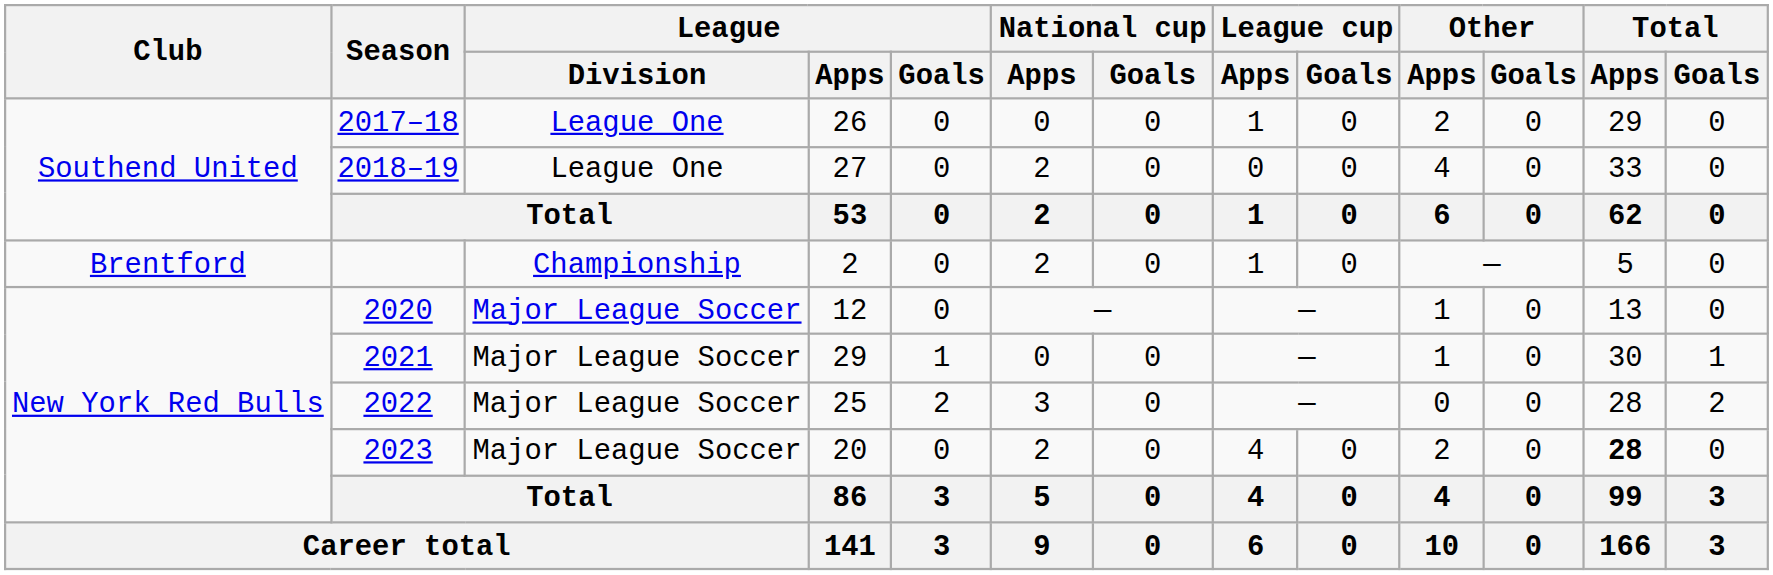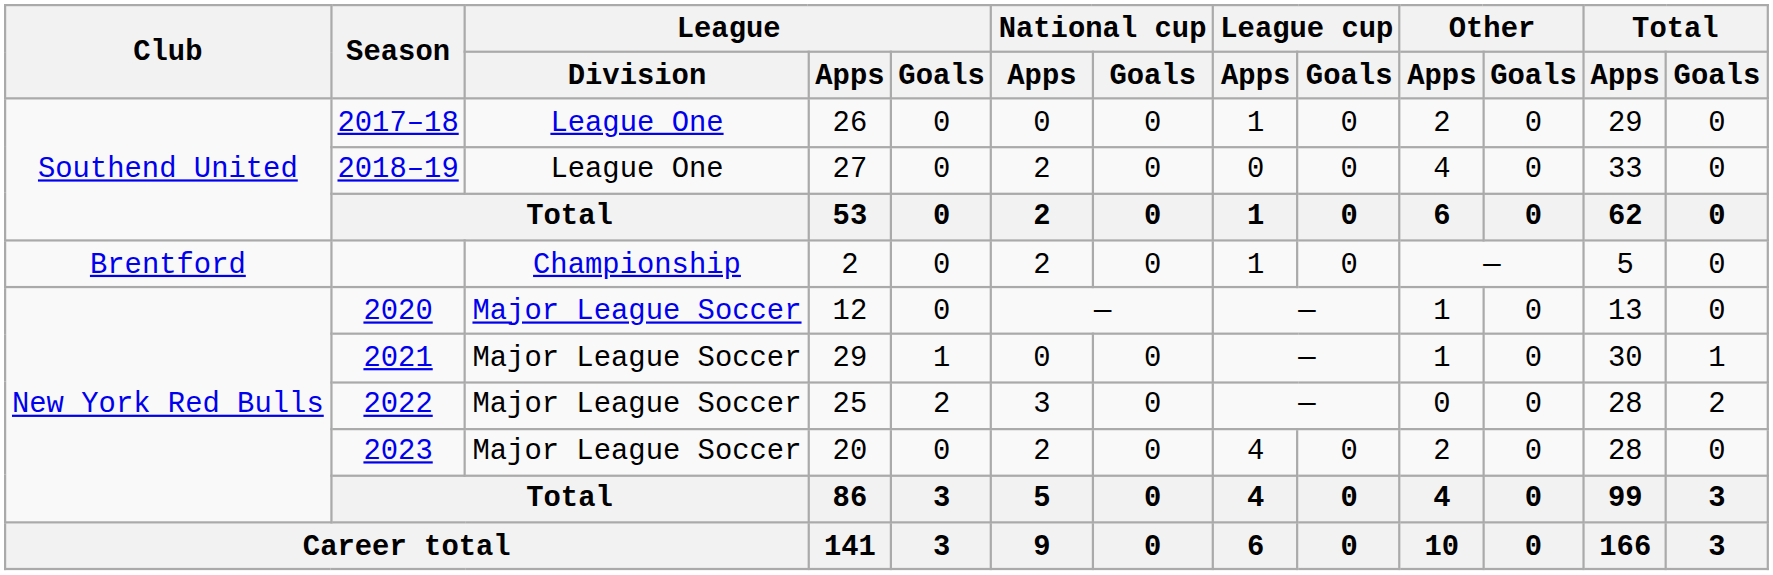 <table class=wikitable style=text-align:center>
 <tr>
 <th rowspan=2>Club</th>
 <th rowspan=2>Season</th>
 <th colspan=3>League</th>
 <th colspan=2>National cup</th>
 <th colspan=2>League cup</th>
 <th colspan=2>Other</th>
 <th colspan=2>Total</th>
 </tr>
 <tr>
 <th>Division</th>
 <th>Apps</th>
 <th>Goals</th>
 <th>Apps</th>
 <th>Goals</th>
 <th>Apps</th>
 <th>Goals</th>
 <th>Apps</th>
 <th>Goals</th>
 <th>Apps</th>
 <th>Goals</th>
 </tr>
 <tr>
 <td rowspan=3><a href='#'>Southend United</a></td>
 <td><a href='#'>2017–18</a></td>
 <td><a href='#'>League One</a></td>
 <td>26</td>
 <td>0</td>
 <td>0</td>
 <td>0</td>
 <td>1</td>
 <td>0</td>
 <td>2</td>
 <td>0</td>
 <td>29</td>
 <td>0</td>
 </tr>
 <tr>
 <td><a href='#'>2018–19</a></td>
 <td>League One</td>
 <td>27</td>
 <td>0</td>
 <td>2</td>
 <td>0</td>
 <td>0</td>
 <td>0</td>
 <td>4</td>
 <td>0</td>
 <td>33</td>
 <td>0</td>
 </tr>
 <tr>
 <th colspan=2>Total</th>
 <th>53</th>
 <th>0</th>
 <th>2</th>
 <th>0</th>
 <th>1</th>
 <th>0</th>
 <th>6</th>
 <th>0</th>
 <th>62</th>
 <th>0</th>
 </tr>
 <tr>
 <td><a href='#'>Brentford</a></td>
 <td></td>
 <td><a href='#'>Championship</a></td>
 <td>2</td>
 <td>0</td>
 <td>2</td>
 <td>0</td>
 <td>1</td>
 <td>0</td>
 <td colspan=2>―</td>
 <td>5</td>
 <td>0</td>
 </tr>
 <tr>
 <td rowspan="5"><a href='#'>New York Red Bulls</a></td>
 <td><a href='#'>2020</a></td>
 <td><a href='#'>Major League Soccer</a></td>
 <td>12</td>
 <td>0</td>
 <td colspan="2">―</td>
 <td colspan="2">―</td>
 <td>1</td>
 <td>0</td>
 <td>13</td>
 <td>0</td>
 </tr>
 <tr>
 <td><a href='#'>2021</a></td>
 <td>Major League Soccer</td>
 <td>29</td>
 <td>1</td>
 <td>0</td>
 <td>0</td>
 <td colspan="2">―</td>
 <td>1</td>
 <td>0</td>
 <td>30</td>
 <td>1</td>
 </tr>
 <tr>
 <td><a href='#'>2022</a></td>
 <td>Major League Soccer</td>
 <td>25</td>
 <td>2</td>
 <td>3</td>
 <td>0</td>
 <td colspan="2">―</td>
 <td>0</td>
 <td>0</td>
 <td>28</td>
 <td>2</td>
 </tr>
 <tr>
 <td><a href='#'>2023</a></td>
 <td>Major League Soccer</td>
 <td>20</td>
 <td>0</td>
 <td>2</td>
 <td>0</td>
 <td>4</td>
 <td>0</td>
 <td>2</td>
 <td>0</td>
-<td><strong>28</strong></td>
+<td>28</td>
 <td>0</td>
 </tr>
 <tr>
 <th colspan=2>Total</th>
 <th>86</th>
 <th>3</th>
 <th>5</th>
 <th>0</th>
 <th>4</th>
 <th>0</th>
 <th>4</th>
 <th>0</th>
 <th>99</th>
 <th>3</th>
 </tr>
 <tr>
 <th colspan=3>Career total</th>
 <th>141</th>
 <th>3</th>
 <th>9</th>
 <th>0</th>
 <th>6</th>
 <th>0</th>
 <th>10</th>
 <th>0</th>
 <th>166</th>
 <th>3</th>
 </tr>
 </table>
